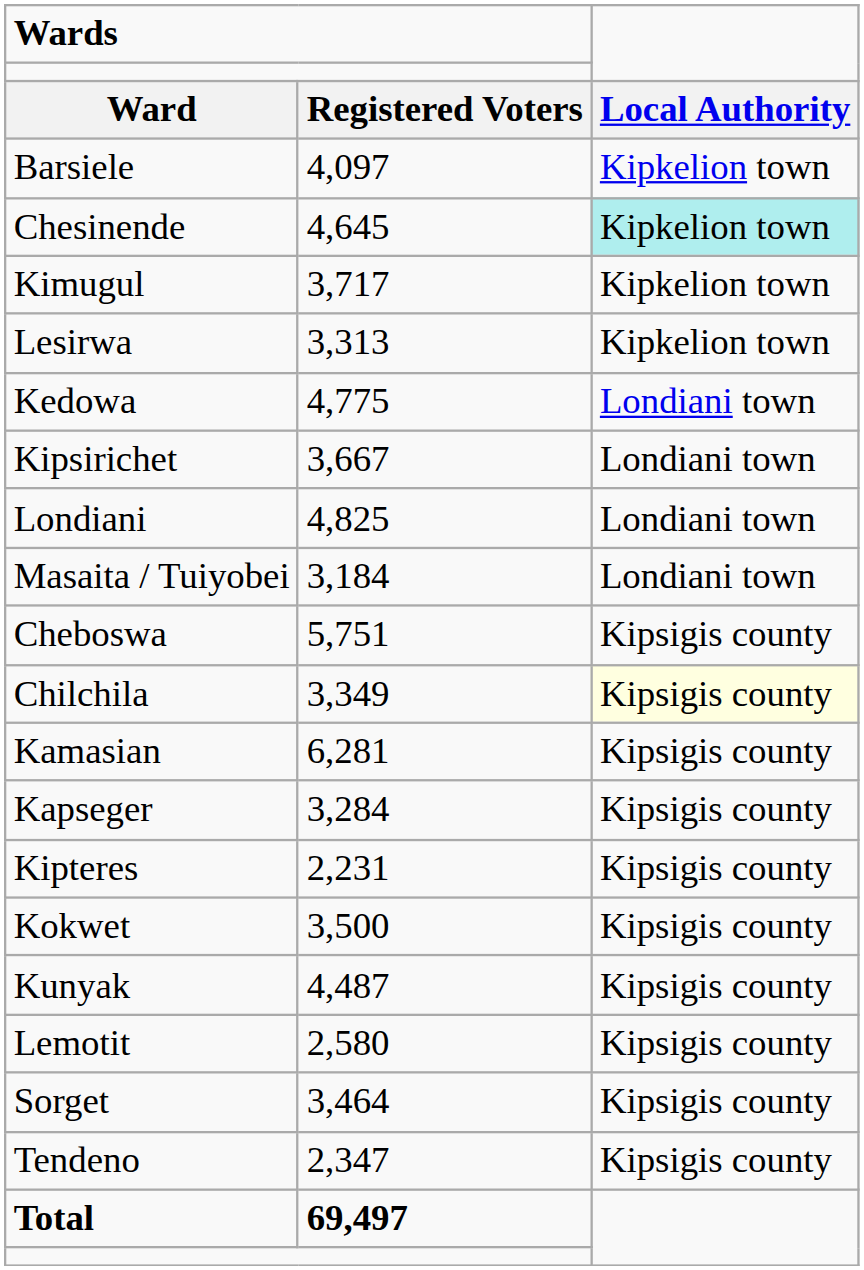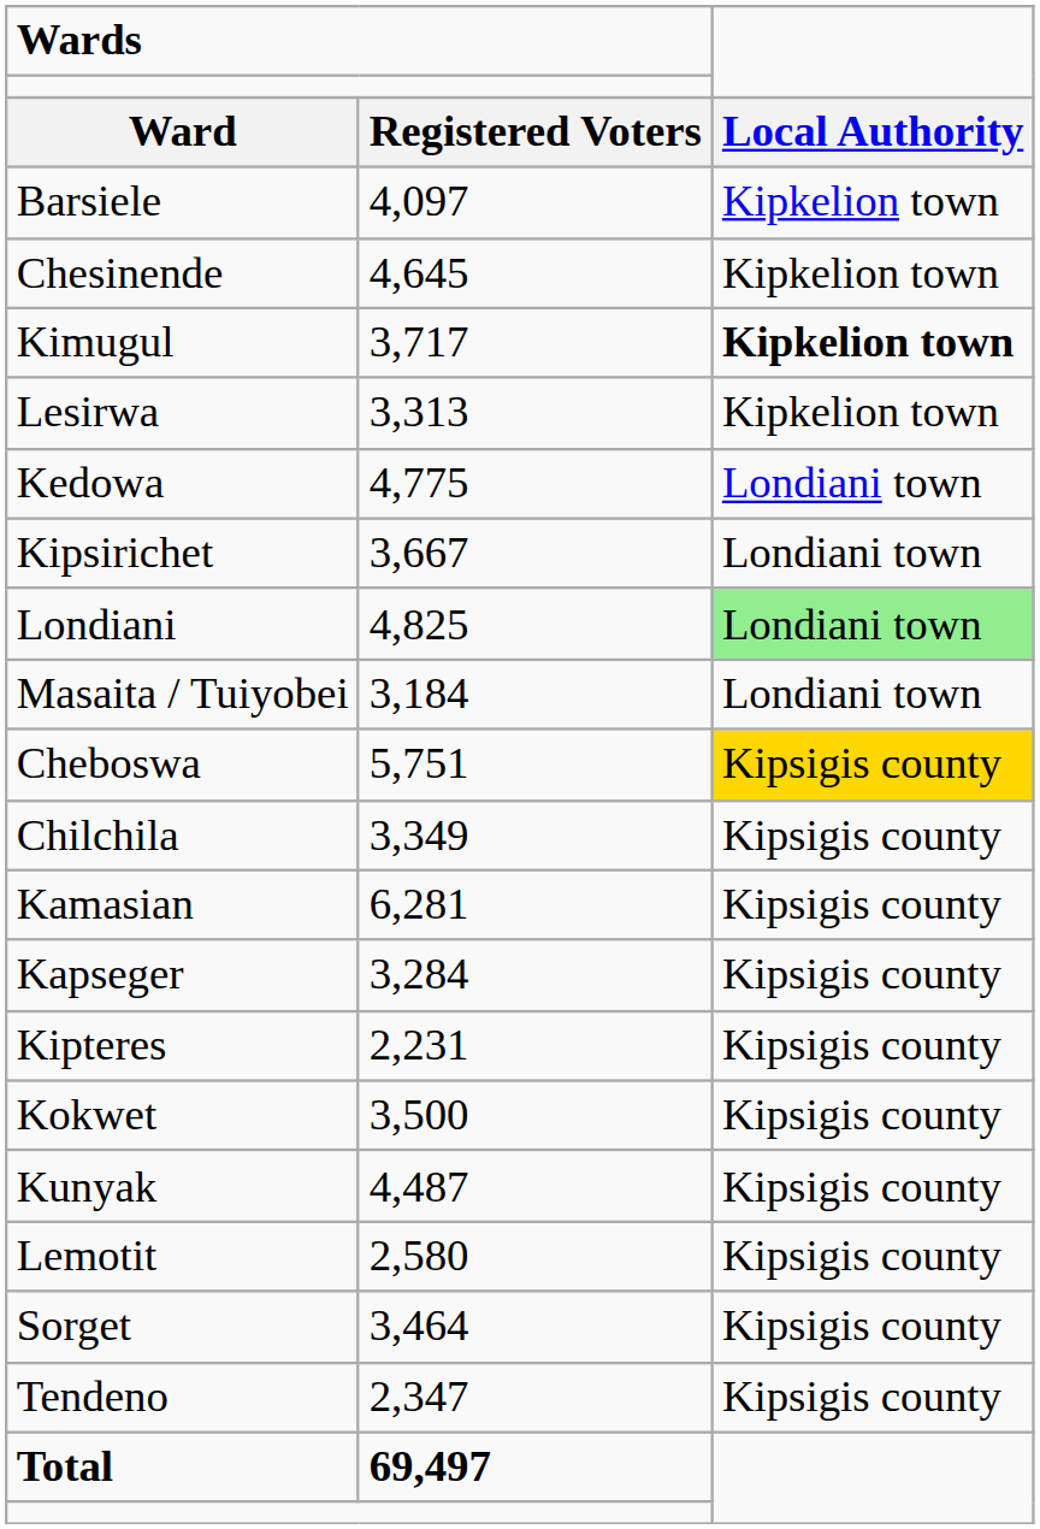 <table class="wikitable">
 <tr>
 <td colspan="2"><strong>Wards</strong></td>
 </tr>
 <tr>
 <td colspan="2"></td>
 </tr>
 <tr>
 <th>Ward</th>
 <th>Registered Voters</th>
 <th><a href='#'>Local Authority</a></th>
 </tr>
 <tr>
 <td>Barsiele</td>
 <td>4,097</td>
 <td><a href='#'>Kipkelion</a> town</td>
 </tr>
 <tr>
 <td>Chesinende</td>
 <td>4,645</td>
-<td style="background: paleturquoise;">Kipkelion town</td>
+<td>Kipkelion town</td>
 </tr>
 <tr>
 <td>Kimugul</td>
 <td>3,717</td>
-<td>Kipkelion town</td>
+<td><strong>Kipkelion town</strong></td>
 </tr>
 <tr>
 <td>Lesirwa</td>
 <td>3,313</td>
 <td>Kipkelion town</td>
 </tr>
 <tr>
 <td>Kedowa</td>
 <td>4,775</td>
 <td><a href='#'>Londiani</a> town</td>
 </tr>
 <tr>
 <td>Kipsirichet</td>
 <td>3,667</td>
 <td>Londiani town</td>
 </tr>
 <tr>
 <td>Londiani</td>
 <td>4,825</td>
-<td>Londiani town</td>
+<td style="background: lightgreen;">Londiani town</td>
 </tr>
 <tr>
 <td>Masaita / Tuiyobei</td>
 <td>3,184</td>
 <td>Londiani town</td>
 </tr>
 <tr>
 <td>Cheboswa</td>
 <td>5,751</td>
-<td>Kipsigis county</td>
+<td style="background: gold;">Kipsigis county</td>
 </tr>
 <tr>
 <td>Chilchila</td>
 <td>3,349</td>
-<td style="background: lightyellow;">Kipsigis county</td>
+<td>Kipsigis county</td>
 </tr>
 <tr>
 <td>Kamasian</td>
 <td>6,281</td>
 <td>Kipsigis county</td>
 </tr>
 <tr>
 <td>Kapseger</td>
 <td>3,284</td>
 <td>Kipsigis county</td>
 </tr>
 <tr>
 <td>Kipteres</td>
 <td>2,231</td>
 <td>Kipsigis county</td>
 </tr>
 <tr>
 <td>Kokwet</td>
 <td>3,500</td>
 <td>Kipsigis county</td>
 </tr>
 <tr>
 <td>Kunyak</td>
 <td>4,487</td>
 <td>Kipsigis county</td>
 </tr>
 <tr>
 <td>Lemotit</td>
 <td>2,580</td>
 <td>Kipsigis county</td>
 </tr>
 <tr>
 <td>Sorget</td>
 <td>3,464</td>
 <td>Kipsigis county</td>
 </tr>
 <tr>
 <td>Tendeno</td>
 <td>2,347</td>
 <td>Kipsigis county</td>
 </tr>
 <tr>
 <td><strong>Total</strong></td>
 <td><strong>69,497</strong></td>
 </tr>
 <tr>
 <td colspan="2"></td>
 </tr>
 </table>
